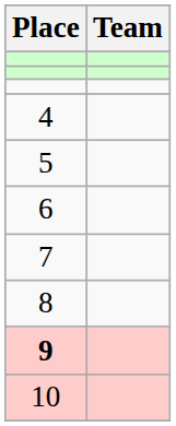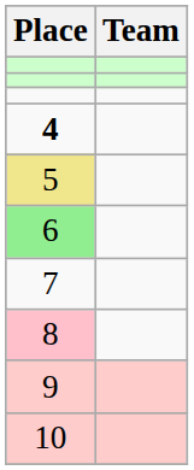 <table class="wikitable">
 <tr>
 <th>Place</th>
 <th>Team</th>
 </tr>
 <tr bgcolor=#ccffcc>
 <td align=center></td>
 <td></td>
 </tr>
 <tr bgcolor=#ccffcc>
 <td align=center></td>
 <td></td>
 </tr>
 <tr>
 <td align=center></td>
 <td></td>
 </tr>
 <tr>
-<td align=center>4</td>
+<td align=center><strong>4</strong></td>
 <td></td>
 </tr>
 <tr>
-<td align=center>5</td>
+<td align=center style="background: khaki;">5</td>
 <td></td>
 </tr>
 <tr>
-<td align=center>6</td>
+<td align=center style="background: lightgreen;">6</td>
 <td></td>
 </tr>
 <tr>
 <td align=center>7</td>
 <td></td>
 </tr>
 <tr>
-<td align=center>8</td>
+<td align=center style="background: pink;">8</td>
 <td></td>
 </tr>
 <tr bgcolor=#ffcccc>
-<td align=center><strong>9</strong></td>
+<td align=center>9</td>
 <td></td>
 </tr>
 <tr bgcolor=#ffcccc>
 <td align=center>10</td>
 <td></td>
 </tr>
 </table>
